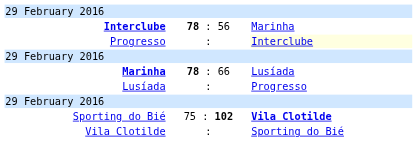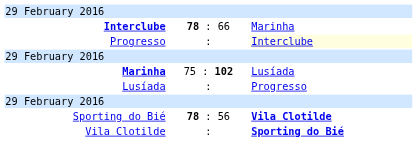 <table style="text-align:center; width:40em">
 <tr align="left" bgcolor=#D0E7FF>
 <td colspan=4>29 February 2016</td>
 </tr>
 <tr>
 <td align="right" width=40%><strong><a href='#'>Interclube</a></strong></td>
-<td><strong>78</strong> : 56</td>
+<td><strong>78</strong> : 66</td>
 <td align=left><a href='#'>Marinha</a></td>
 </tr>
 <tr>
 <td align="right"><a href='#'>Progresso</a></td>
 <td>:</td>
 <td align=left style="background: lightyellow;"><a href='#'>Interclube</a></td>
 </tr>
 <tr align="left" bgcolor=#D0E7FF>
 <td colspan=4>29 February 2016</td>
 </tr>
 <tr>
 <td align="right"><strong><a href='#'>Marinha</a></strong></td>
-<td><strong>78</strong> : 66</td>
+<td>75 : <strong>102</strong></td>
 <td align=left><a href='#'>Lusíada</a></td>
 </tr>
 <tr>
 <td align="right"><a href='#'>Lusíada</a></td>
 <td>:</td>
 <td align=left width=40%><a href='#'>Progresso</a></td>
 </tr>
 <tr align="left" bgcolor=#D0E7FF>
 <td colspan=4>29 February 2016</td>
 </tr>
 <tr>
 <td align="right"><a href='#'>Sporting do Bié</a></td>
-<td>75 : <strong>102</strong></td>
+<td><strong>78</strong> : 56</td>
 <td align=left><strong><a href='#'>Vila Clotilde</a></strong></td>
 </tr>
 <tr>
 <td align="right"><a href='#'>Vila Clotilde</a></td>
 <td>:</td>
-<td align=left><a href='#'>Sporting do Bié</a></td>
+<td align=left><strong><a href='#'>Sporting do Bié</a></strong></td>
 </tr>
 </table>
